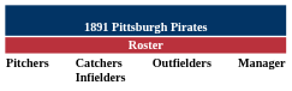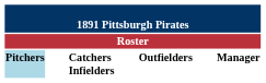 <table class="toccolours" style="font-size: 95%;">
 <tr>
 <th colspan="10" style="background-color: #023465; color: #FFFFFF; text-align: center;"><br>1891 Pittsburgh Pirates</th>
 </tr>
 <tr>
 <td colspan="10" style="background-color: #ba313c; color: white; text-align: center;"><strong>Roster</strong></td>
 </tr>
 <tr>
-<td valign="top"><strong>Pitchers</strong><br>    </td>
+<td valign="top" style="background: lightblue;"><strong>Pitchers</strong><br>    </td>
 <td width="25px"></td>
 <td valign="top"><strong>Catchers</strong><br>    <strong>Infielders</strong>       </td>
 <td width="25px"></td>
 <td valign="top"><strong>Outfielders</strong><br>      </td>
 <td width="25px"></td>
 <td valign="top"><strong>Manager</strong><br> </td>
 </tr>
 </table>
